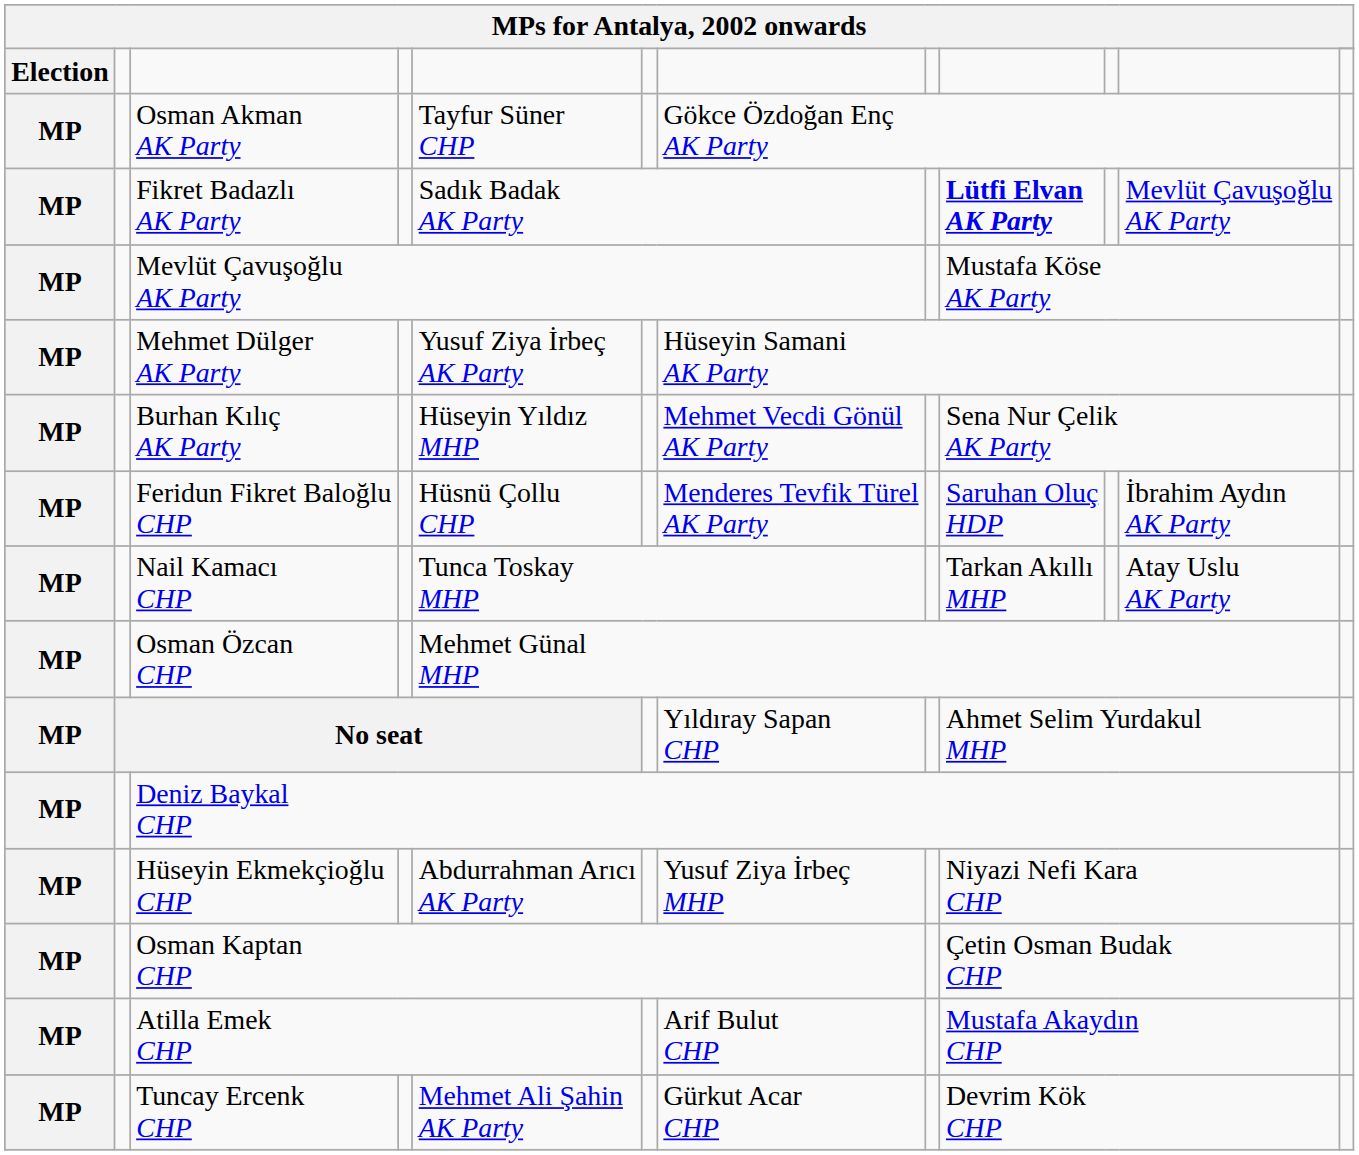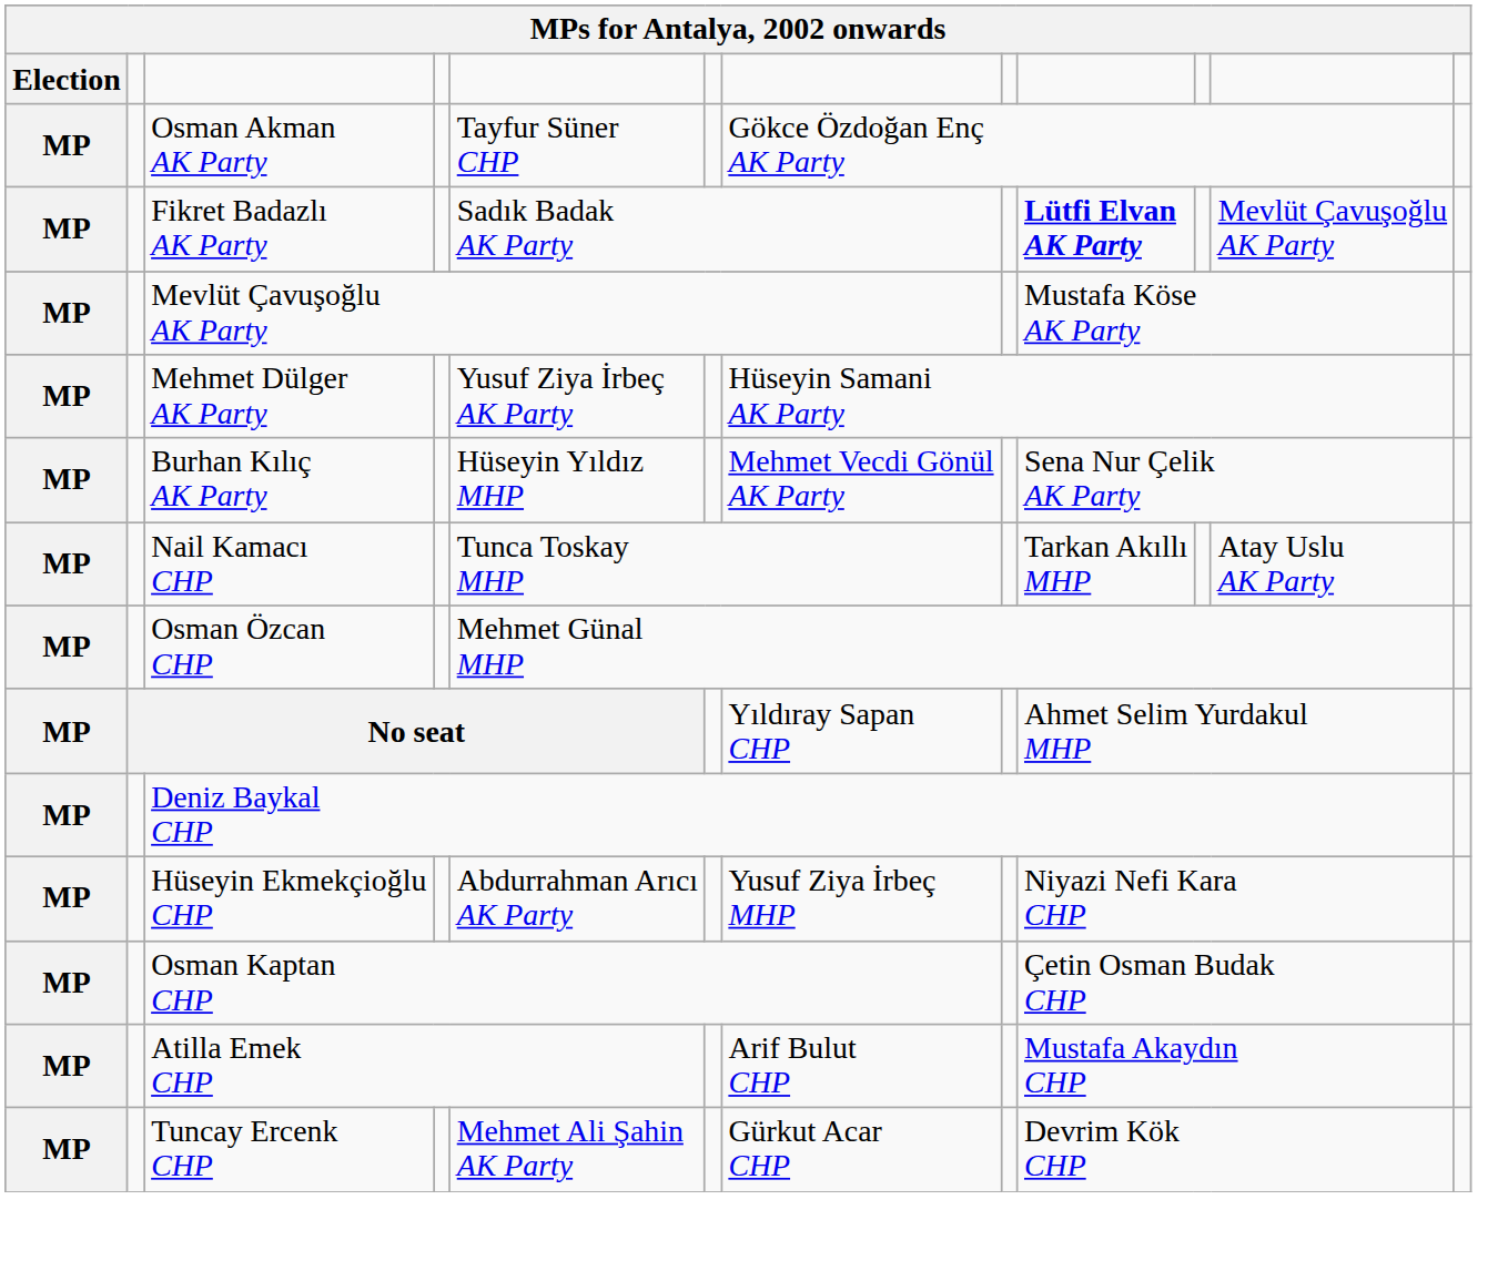 <table class="wikitable">
 <tr>
 <th colspan = 12>MPs for Antalya, 2002 onwards</th>
 </tr>
 <tr>
 <th rowspan = 2>Election</th>
 <td rowspan="2" style="width:1px;"></td>
 <td rowspan = 2></td>
 <td rowspan="2" style="width:1px;"></td>
 <td rowspan = 2></td>
 <td rowspan="2" style="width:1px;"></td>
 <td rowspan = 2></td>
 <td rowspan="2" style="width:1px;"></td>
 <td rowspan = 2></td>
 <td rowspan="2" style="width:1px;"></td>
 <td rowspan = 2></td>
 </tr>
 <tr>
 <td></td>
 </tr>
 <tr>
 <th>MP</th>
 <td width=1px style="background-color: "></td>
 <td colspan = 1>Osman Akman<br><em><a href='#'>AK Party</a></em></td>
 <td width=1px style="background-color: "></td>
 <td colspan = 1>Tayfur Süner<br><em><a href='#'>CHP</a></em></td>
 <td width=1px style="background-color: "></td>
 <td colspan = 5>Gökce Özdoğan Enç<br><em><a href='#'>AK Party</a></em></td>
 <td width=1px style="background-color: "></td>
 </tr>
 <tr>
 <th>MP</th>
 <td width=1px style="background-color: "></td>
 <td colspan = 1>Fikret Badazlı<br><em><a href='#'>AK Party</a></em></td>
 <td width=1px style="background-color: "></td>
 <td colspan = 3>Sadık Badak<br><em><a href='#'>AK Party</a></em></td>
 <td width=1px style="background-color: "></td>
 <td colspan = 1><strong><a href='#'>Lütfi Elvan</a><br><em><a href='#'>AK Party</a></em></strong></td>
 <td width=1px style="background-color: "></td>
 <td colspan = 1><a href='#'>Mevlüt Çavuşoğlu</a><br><em><a href='#'>AK Party</a></em></td>
 <td width=1px style="background-color: "></td>
 </tr>
 <tr>
 <th>MP</th>
 <td width=1px style="background-color: "></td>
 <td colspan = 5>Mevlüt Çavuşoğlu<br><em><a href='#'>AK Party</a></em></td>
 <td width=1px style="background-color: "></td>
 <td colspan = 3>Mustafa Köse<br><em><a href='#'>AK Party</a></em></td>
 <td width=1px style="background-color: "></td>
 </tr>
 <tr>
 <th>MP</th>
 <td width=1px style="background-color: "></td>
 <td colspan = 1>Mehmet Dülger<br><em><a href='#'>AK Party</a></em></td>
 <td width=1px style="background-color: "></td>
 <td colspan = 1>Yusuf Ziya İrbeç<br><em><a href='#'>AK Party</a></em></td>
 <td width=1px style="background-color: "></td>
 <td colspan = 5>Hüseyin Samani<br><em><a href='#'>AK Party</a></em></td>
 <td width=1px style="background-color: "></td>
 </tr>
 <tr>
 <th>MP</th>
 <td width=1px style="background-color: "></td>
 <td colspan = 1>Burhan Kılıç<br><em><a href='#'>AK Party</a></em></td>
 <td width=1px style="background-color: "></td>
 <td colspan = 1>Hüseyin Yıldız<br><em><a href='#'>MHP</a></em></td>
 <td width=1px style="background-color: "></td>
 <td colspan = 1><a href='#'>Mehmet Vecdi Gönül</a><br><em><a href='#'>AK Party</a></em></td>
 <td width=1px style="background-color: "></td>
 <td colspan = 3>Sena Nur Çelik<br><em><a href='#'>AK Party</a></em></td>
-<td width=1px style="background-color: "></td>
-</tr>
-<tr>
-<th>MP</th>
-<td width=1px style="background-color: "></td>
-<td colspan = 1>Feridun Fikret Baloğlu<br><em><a href='#'>CHP</a></em></td>
-<td width=1px style="background-color: "></td>
-<td colspan = 1>Hüsnü Çollu<br><em><a href='#'>CHP</a></em></td>
-<td width=1px style="background-color: "></td>
-<td colspan = 1><a href='#'>Menderes Tevfik Türel</a><br><em><a href='#'>AK Party</a></em></td>
-<td width=1px style="background-color: "></td>
-<td colspan = 1><a href='#'>Saruhan Oluç</a><br><em><a href='#'>HDP</a></em></td>
-<td width=1px style="background-color: "></td>
-<td colspan = 1>İbrahim Aydın<br><em><a href='#'>AK Party</a></em></td>
 <td width=1px style="background-color: "></td>
 </tr>
 <tr>
 <th>MP</th>
 <td width=1px style="background-color: "></td>
 <td colspan = 1>Nail Kamacı<br><em><a href='#'>CHP</a></em></td>
 <td width=1px style="background-color: "></td>
 <td colspan = 3>Tunca Toskay<br><em><a href='#'>MHP</a></em></td>
 <td width=1px style="background-color: "></td>
 <td colspan = 1>Tarkan Akıllı<br><em><a href='#'>MHP</a></em></td>
 <td width=1px style="background-color: "></td>
 <td colspan = 1>Atay Uslu<br><em><a href='#'>AK Party</a></em></td>
 <td width=1px style="background-color: "></td>
 </tr>
 <tr>
 <th>MP</th>
 <td width=1px style="background-color: "></td>
 <td colspan = 1>Osman Özcan<br><em><a href='#'>CHP</a></em></td>
 <td width=1px style="background-color: "></td>
 <td colspan = 7>Mehmet Günal<br><em><a href='#'>MHP</a></em></td>
 <td width=1px style="background-color: "></td>
 </tr>
 <tr>
 <th>MP</th>
 <th colspan = 4>No seat</th>
 <td width=1px style="background-color: "></td>
 <td colspan = 1>Yıldıray Sapan<br><em><a href='#'>CHP</a></em></td>
 <td width=1px style="background-color: "></td>
 <td colspan = 3>Ahmet Selim Yurdakul<br><em><a href='#'>MHP</a></em></td>
 <td width=1px style="background-color: "></td>
 </tr>
 <tr>
 <th>MP</th>
 <td width=1px style="background-color: "></td>
 <td colspan = 9><a href='#'>Deniz Baykal</a><br><em><a href='#'>CHP</a></em></td>
 <td width=1px style="background-color: "></td>
 </tr>
 <tr>
 <th>MP</th>
 <td width=1px style="background-color: "></td>
 <td colspan = 1>Hüseyin Ekmekçioğlu<br><em><a href='#'>CHP</a></em></td>
 <td width=1px style="background-color: "></td>
 <td colspan = 1>Abdurrahman Arıcı<br><em><a href='#'>AK Party</a></em></td>
 <td width=1px style="background-color: "></td>
 <td colspan = 1>Yusuf Ziya İrbeç<br><em><a href='#'>MHP</a></em></td>
 <td width=1px style="background-color: "></td>
 <td colspan = 3>Niyazi Nefi Kara<br><em><a href='#'>CHP</a></em></td>
 <td width=1px style="background-color: "></td>
 </tr>
 <tr>
 <th>MP</th>
 <td width=1px style="background-color: "></td>
 <td colspan = 5>Osman Kaptan<br><em><a href='#'>CHP</a></em></td>
 <td width=1px style="background-color: "></td>
 <td colspan = 3>Çetin Osman Budak<br><em><a href='#'>CHP</a></em></td>
 <td width=1px style="background-color: "></td>
 </tr>
 <tr>
 <th>MP</th>
 <td width=1px style="background-color: "></td>
 <td colspan = 3>Atilla Emek<br><em><a href='#'>CHP</a></em></td>
 <td width=1px style="background-color: "></td>
 <td colspan = 1>Arif Bulut<br><em><a href='#'>CHP</a></em></td>
 <td width=1px style="background-color: "></td>
 <td colspan = 3><a href='#'>Mustafa Akaydın</a><br><em><a href='#'>CHP</a></em></td>
 <td width=1px style="background-color: "></td>
 </tr>
 <tr>
 <th>MP</th>
 <td width=1px style="background-color: "></td>
 <td colspan = 1>Tuncay Ercenk<br><em><a href='#'>CHP</a></em></td>
 <td width=1px style="background-color: "></td>
 <td colspan = 1><a href='#'>Mehmet Ali Şahin</a><br><em><a href='#'>AK Party</a></em></td>
 <td width=1px style="background-color: "></td>
 <td colspan = 1>Gürkut Acar<br><em><a href='#'>CHP</a></em></td>
 <td width=1px style="background-color: "></td>
 <td colspan = 3>Devrim Kök<br><em><a href='#'>CHP</a></em></td>
 <td width=1px style="background-color: "></td>
 </tr>
 </table>
